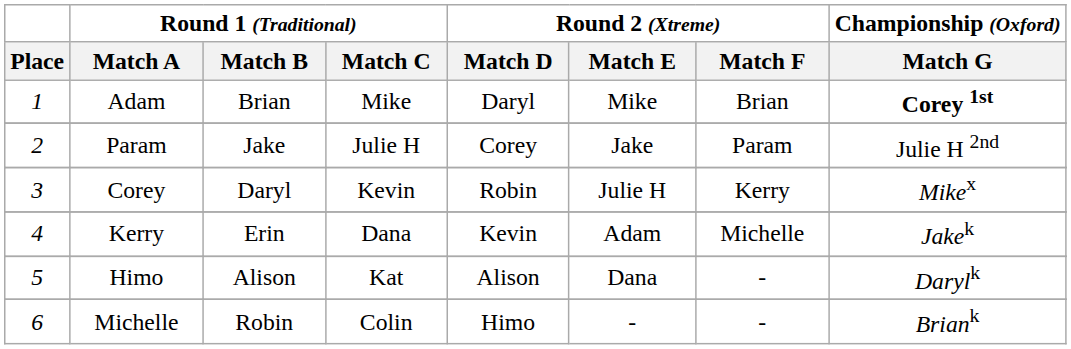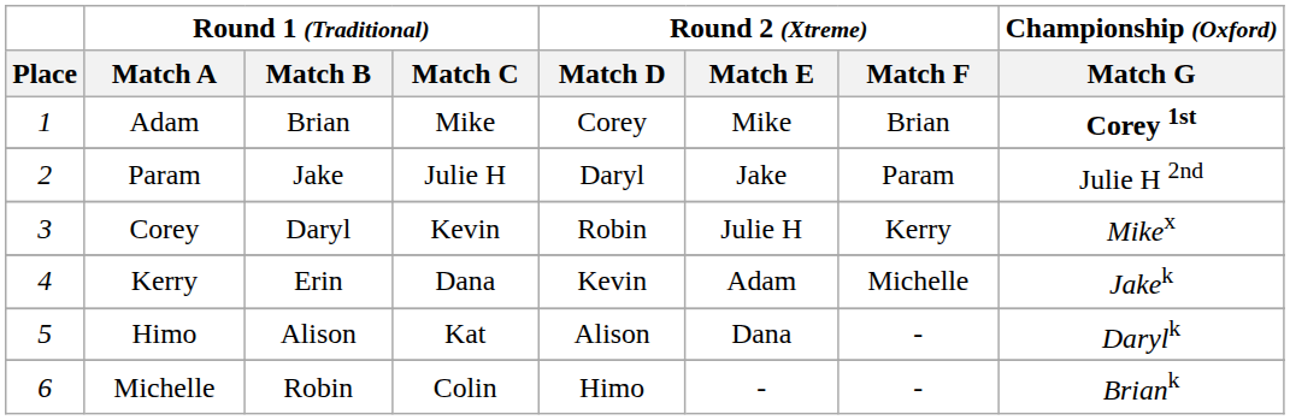 <table class="wikitable" style="text-align:center;">
 <tr>
 <th colspan="1" style="background: #ffffff;"></th>
 <th colspan="3" style="background: #ffffff;" style="border: 1px solid blue;">Round 1 <small><em>(Traditional)</em></small></th>
 <th colspan="3" style="background: #ffffff;" style="border: 1px solid red;">Round 2 <small><em>(Xtreme)</em></small></th>
 <th colspan="2" style="background: #ffffff;" style="border: 1px solid gold;">Championship <small><em>(Oxford)</em></small></th>
 </tr>
 <tr>
 <th style="width:10px;">Place</th>
 <th style="width:83px;">Match A</th>
 <th style="width:75px;">Match B</th>
 <th style="width:75px;">Match C</th>
 <th style="width:75px;">Match D</th>
 <th style="width:78px;">Match E</th>
 <th style="width:83px;">Match F</th>
 <th colspan="2">Match G</th>
 </tr>
 <tr style="background:#ffffff;">
 <td align=center><em>1</em></td>
 <td>Adam</td>
 <td>Brian</td>
 <td>Mike</td>
-<td>Daryl</td>
+<td>Corey</td>
 <td>Mike</td>
 <td>Brian</td>
 <td><strong>Corey <sup>1st</sup></strong></td>
 </tr>
 <tr>
 </tr>
 <tr style="background:#ffffff;">
 <td align=center><em>2</em></td>
 <td>Param</td>
 <td>Jake</td>
 <td>Julie H</td>
-<td>Corey</td>
+<td>Daryl</td>
 <td>Jake</td>
 <td>Param</td>
 <td>Julie H <sup>2nd</sup></td>
 </tr>
 <tr>
 </tr>
 <tr style="background:#ffffff;">
 <td align=center><em>3</em></td>
 <td>Corey</td>
 <td>Daryl</td>
 <td>Kevin</td>
 <td>Robin</td>
 <td>Julie H</td>
 <td>Kerry</td>
 <td><em>Mike</em><sup>x</sup></td>
 </tr>
 <tr>
 </tr>
 <tr style="background:#ffffff;">
 <td align=center><em>4</em></td>
 <td>Kerry</td>
 <td>Erin</td>
 <td>Dana</td>
 <td>Kevin</td>
 <td>Adam</td>
 <td>Michelle</td>
 <td><em>Jake</em><sup>k</sup></td>
 </tr>
 <tr>
 </tr>
 <tr style="background:#ffffff;">
 <td align=center><em>5</em></td>
 <td>Himo</td>
 <td>Alison</td>
 <td>Kat</td>
 <td>Alison</td>
 <td>Dana</td>
 <td>-</td>
 <td><em>Daryl</em><sup>k</sup></td>
 </tr>
 <tr>
 </tr>
 <tr style="background:#ffffff;">
 <td align=center><em>6</em></td>
 <td>Michelle</td>
 <td>Robin</td>
 <td>Colin</td>
 <td>Himo</td>
 <td>-</td>
 <td>-</td>
 <td><em>Brian</em><sup>k</sup></td>
 </tr>
 </table>
